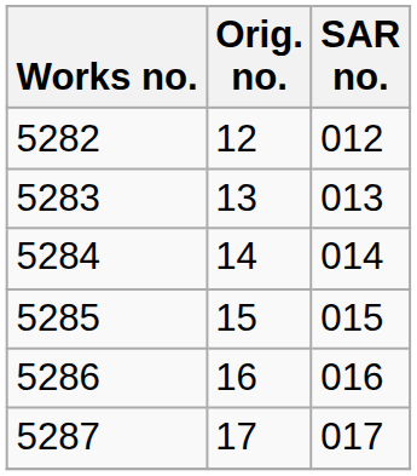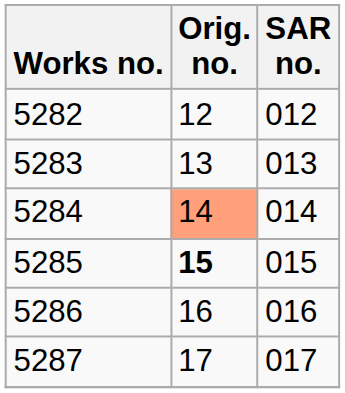 <table class="wikitable collapsible collapsed sortable" style="margin:0.5em auto; font-size:100%;">
 <tr>
 <th><br>Works no.</th>
 <th>Orig.<br>no.</th>
 <th>SAR<br>no.</th>
 </tr>
 <tr>
 <td>5282</td>
 <td>12</td>
 <td>012</td>
 </tr>
 <tr>
 <td>5283</td>
 <td>13</td>
 <td>013</td>
 </tr>
 <tr>
 <td>5284</td>
-<td>14</td>
+<td style="background: lightsalmon;">14</td>
 <td>014</td>
 </tr>
 <tr>
 <td>5285</td>
-<td>15</td>
+<td><strong>15</strong></td>
 <td>015</td>
 </tr>
 <tr>
 <td>5286</td>
 <td>16</td>
 <td>016</td>
 </tr>
 <tr>
 <td>5287</td>
 <td>17</td>
 <td>017</td>
 </tr>
 <tr>
 </tr>
 </table>
